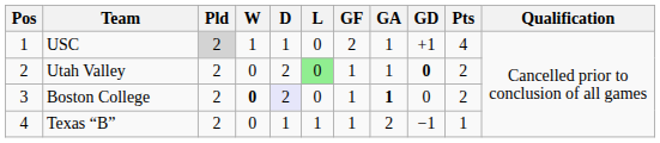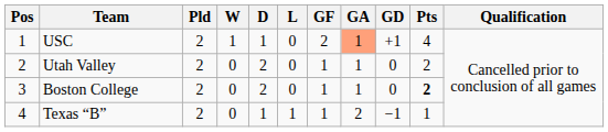 <table class="wikitable" style="text-align:center; margin: 1em auto">
 <tr>
 <th style="width:2em">Pos</th>
 <th style="width:13em">Team</th>
 <th style="width:2em">Pld</th>
 <th style="width:2em">W</th>
 <th style="width:2em">D</th>
 <th style="width:2em">L</th>
 <th style="width:2em">GF</th>
 <th style="width:2em">GA</th>
 <th style="width:2em">GD</th>
 <th style="width:2em">Pts</th>
 <th style="width:13em">Qualification</th>
 </tr>
 <tr>
 <td>1</td>
 <td style="text-align:left">USC</td>
-<td style="background: lightgrey;">2</td>
+<td>2</td>
 <td>1</td>
 <td>1</td>
 <td>0</td>
 <td>2</td>
-<td>1</td>
+<td style="background: lightsalmon;">1</td>
 <td>+1</td>
 <td>4</td>
 <td rowspan="4">Cancelled prior to conclusion of all games</td>
 </tr>
 <tr>
 <td>2</td>
 <td style="text-align:left">Utah Valley</td>
 <td>2</td>
 <td>0</td>
 <td>2</td>
-<td style="background: lightgreen;">0</td>
+<td>0</td>
 <td>1</td>
 <td>1</td>
-<td><strong>0</strong></td>
+<td>0</td>
 <td>2</td>
 </tr>
 <tr>
 <td>3</td>
 <td style="text-align:left">Boston College</td>
 <td>2</td>
-<td><strong>0</strong></td>
-<td style="background: lavender;">2</td>
+<td>0</td>
+<td>2</td>
 <td>0</td>
 <td>1</td>
-<td><strong>1</strong></td>
+<td>1</td>
 <td>0</td>
-<td>2</td>
+<td><strong>2</strong></td>
 </tr>
 <tr>
 <td>4</td>
 <td style="text-align:left">Texas “B”</td>
 <td>2</td>
 <td>0</td>
 <td>1</td>
 <td>1</td>
 <td>1</td>
 <td>2</td>
 <td>−1</td>
 <td>1</td>
 </tr>
 </table>
